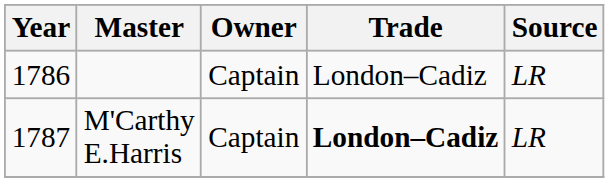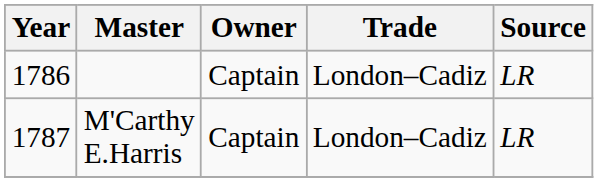 <table class=" wikitable">
 <tr>
 <th>Year</th>
 <th>Master</th>
 <th>Owner</th>
 <th>Trade</th>
 <th>Source</th>
 </tr>
 <tr>
 <td>1786</td>
 <td></td>
 <td>Captain</td>
 <td>London–Cadiz</td>
 <td><em>LR</em></td>
 </tr>
 <tr>
 <td>1787</td>
 <td>M'Carthy<br>E.Harris</td>
 <td>Captain</td>
-<td><strong>London–Cadiz</strong></td>
+<td>London–Cadiz</td>
 <td><em>LR</em></td>
 </tr>
 <tr>
 </tr>
 </table>
